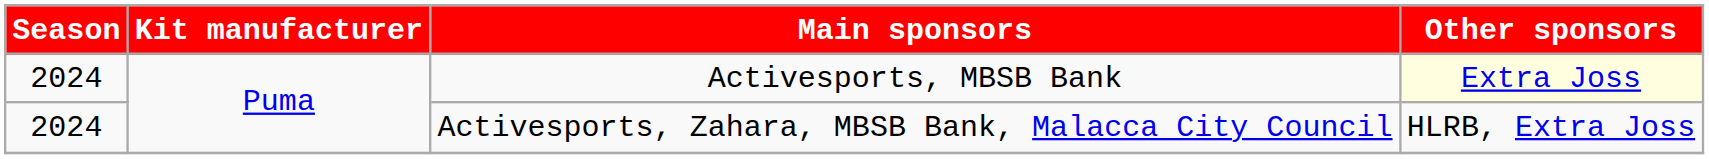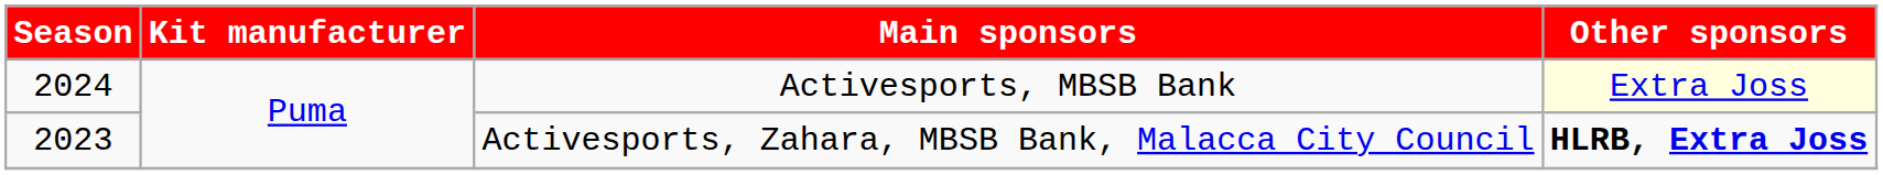 <table class="wikitable" style="text-align: center">
 <tr>
 <th style="background:red; color:white; ">Season</th>
 <th style="background:red; color:white; ">Kit manufacturer</th>
 <th style="background:red; color:white; ">Main sponsors</th>
 <th style="background:red; color:white; ">Other sponsors</th>
 </tr>
 <tr>
 <td>2024</td>
 <td rowspan=2><a href='#'>Puma</a></td>
 <td>Activesports, MBSB Bank</td>
 <td style="background: lightyellow;"><a href='#'>Extra Joss</a></td>
 </tr>
 <tr>
-<td>2024</td>
+<td>2023</td>
 <td>Activesports, Zahara, MBSB Bank, <a href='#'>Malacca City Council</a></td>
-<td>HLRB, <a href='#'>Extra Joss</a></td>
+<td><strong>HLRB, <a href='#'>Extra Joss</a></strong></td>
 </tr>
 <tr>
 </tr>
 </table>
